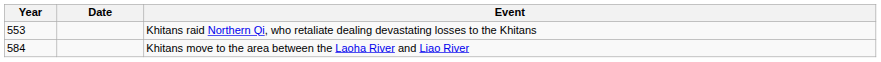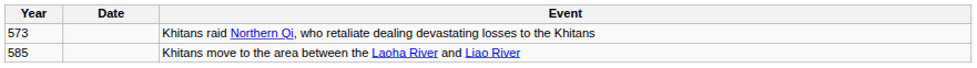 <table class="wikitable" width="100%">
 <tr>
 <th style="width:6%">Year</th>
 <th style="width:10%">Date</th>
 <th>Event</th>
 </tr>
 <tr>
-<td>553</td>
+<td>573</td>
 <td></td>
 <td>Khitans raid <a href='#'>Northern Qi</a>, who retaliate dealing devastating losses to the Khitans</td>
 </tr>
 <tr>
-<td>584</td>
+<td>585</td>
 <td></td>
 <td>Khitans move to the area between the <a href='#'>Laoha River</a> and <a href='#'>Liao River</a></td>
 </tr>
 </table>
